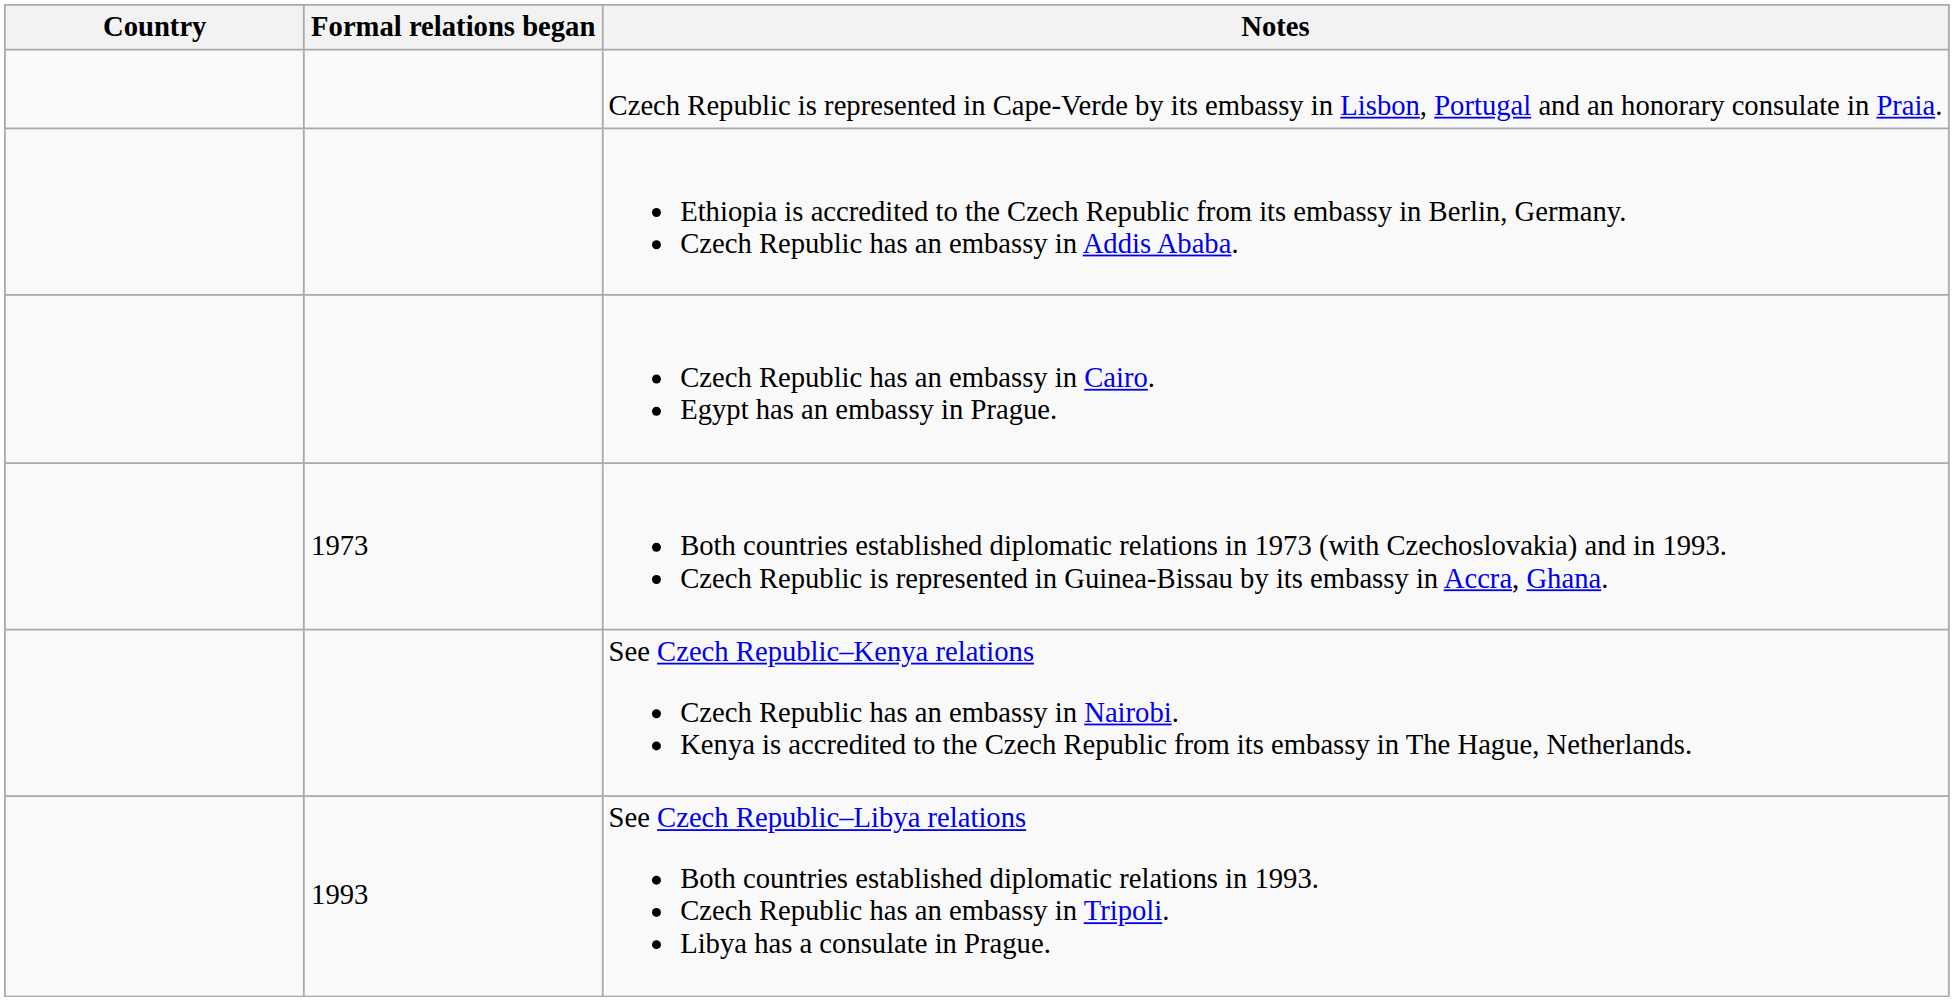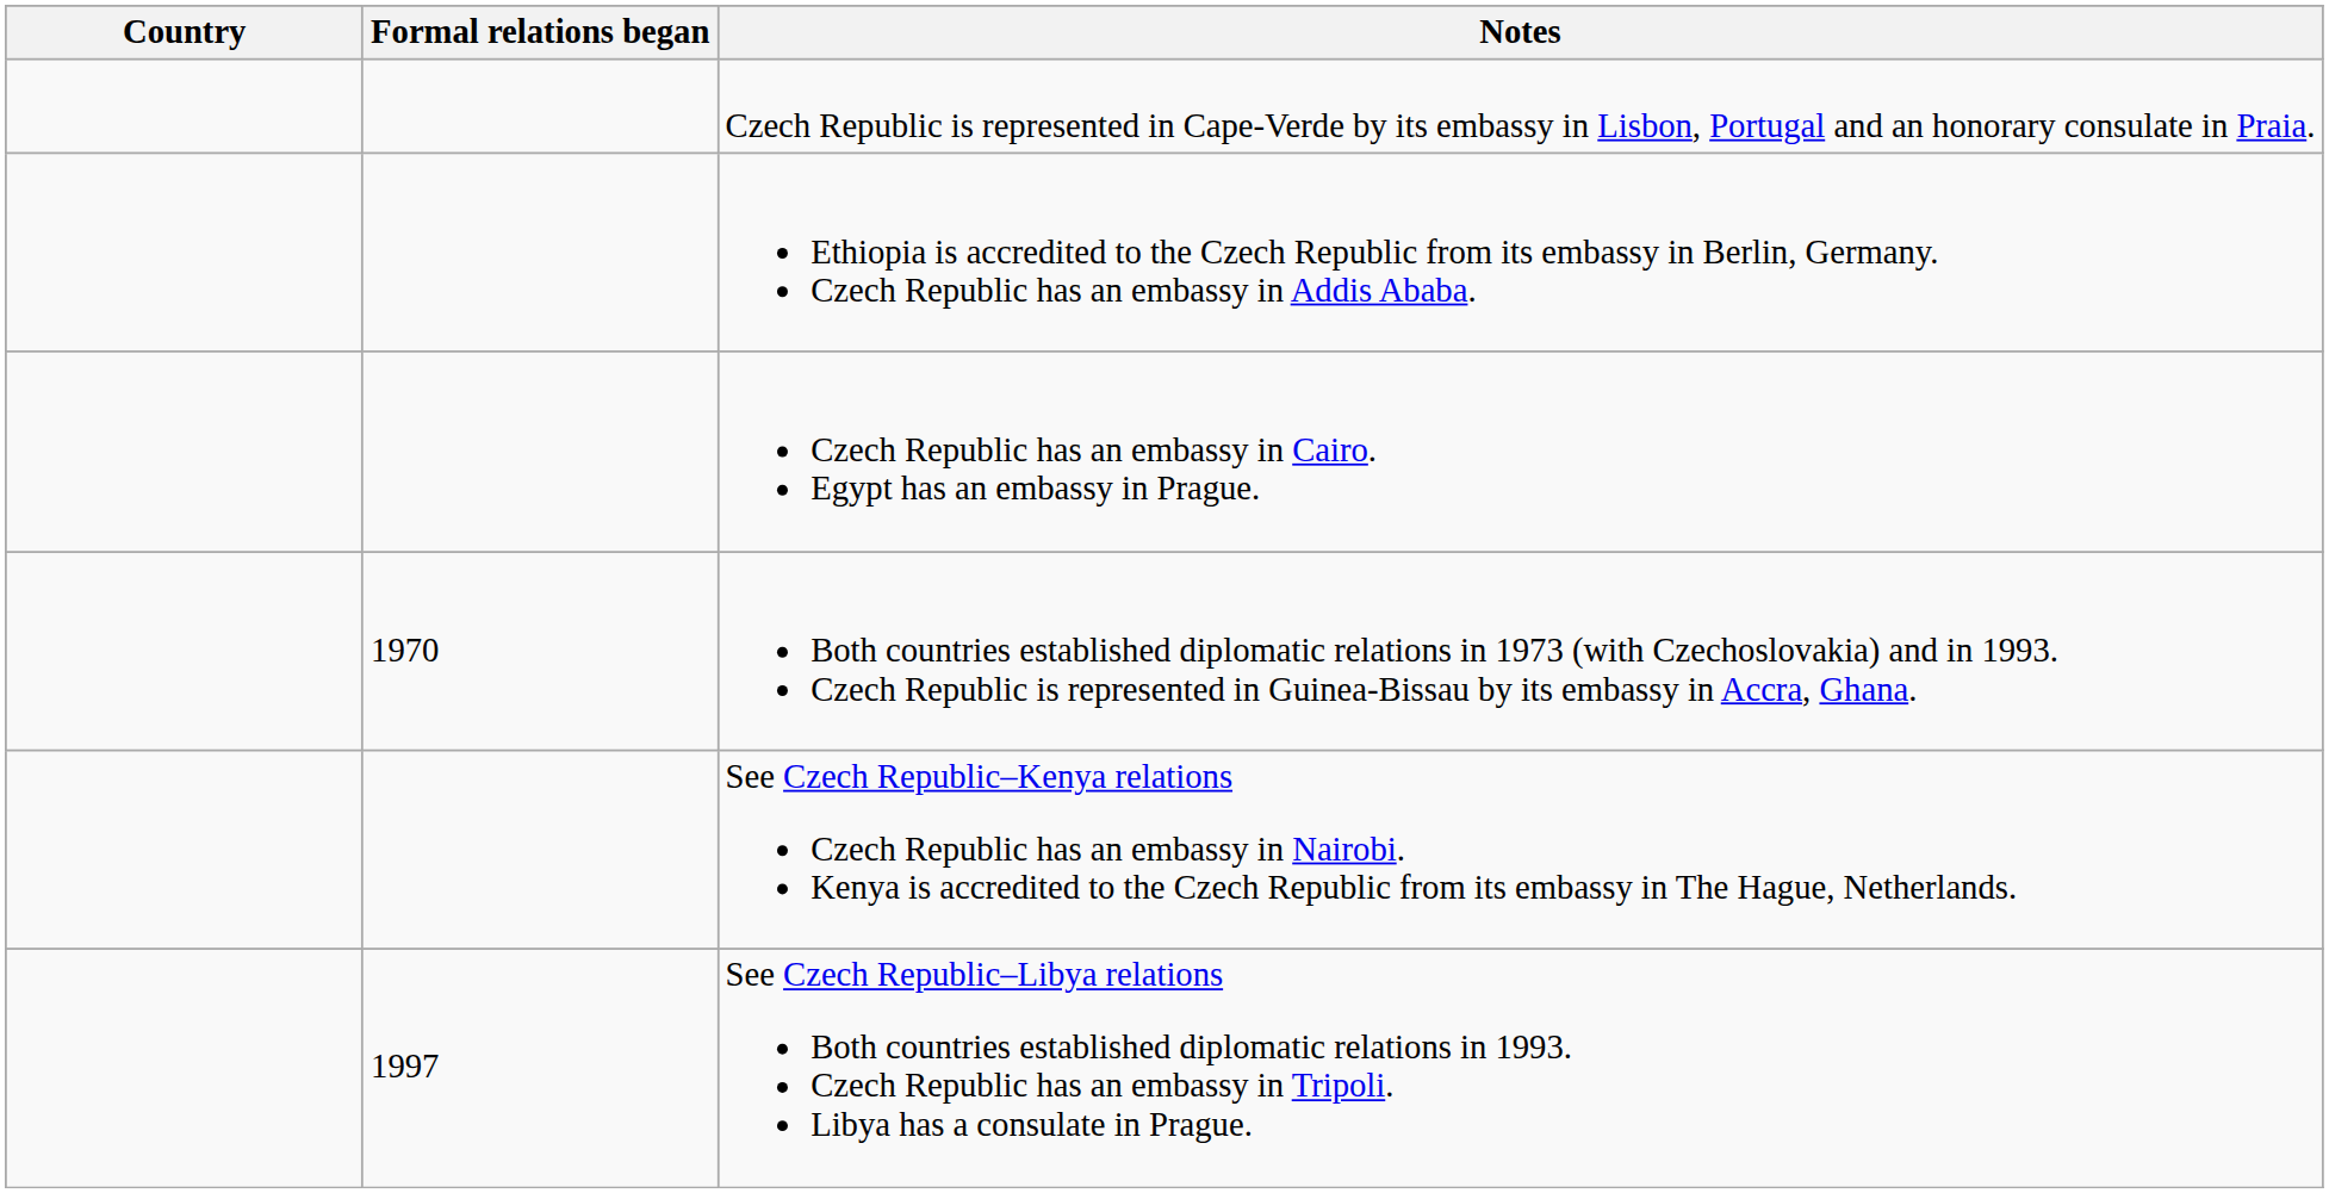 <table class="wikitable sortable">
 <tr>
 <th style="width: 10em">Country</th>
 <th>Formal relations began</th>
 <th>Notes</th>
 </tr>
 <tr>
 <td></td>
 <td></td>
 <td><br>Czech Republic is represented in Cape-Verde by its embassy in <a href='#'>Lisbon</a>, <a href='#'>Portugal</a> and an honorary consulate in <a href='#'>Praia</a>.</td>
 </tr>
 <tr>
 <td></td>
 <td></td>
 <td><br><ul><li>Ethiopia is accredited to the Czech Republic from its embassy in Berlin, Germany.</li><li>Czech Republic has an embassy in <a href='#'>Addis Ababa</a>.</li></ul></td>
 </tr>
 <tr>
 <td></td>
 <td></td>
 <td><br><ul><li>Czech Republic has an embassy in <a href='#'>Cairo</a>.</li><li>Egypt has an embassy in Prague.</li></ul></td>
 </tr>
 <tr>
 <td></td>
-<td>1973</td>
+<td>1970</td>
 <td><br><ul><li>Both countries established diplomatic relations in 1973 (with Czechoslovakia) and in 1993.</li><li>Czech Republic is represented in Guinea-Bissau by its embassy in <a href='#'>Accra</a>, <a href='#'>Ghana</a>.</li></ul></td>
 </tr>
 <tr>
 <td></td>
 <td></td>
 <td>See <a href='#'>Czech Republic–Kenya relations</a><br><ul><li>Czech Republic has an embassy in <a href='#'>Nairobi</a>.</li><li>Kenya is accredited to the Czech Republic from its embassy in The Hague, Netherlands.</li></ul></td>
 </tr>
 <tr>
 <td></td>
-<td>1993</td>
+<td>1997</td>
 <td>See <a href='#'>Czech Republic–Libya relations</a><br><ul><li>Both countries established diplomatic relations in 1993. </li><li>Czech Republic has an embassy in <a href='#'>Tripoli</a>.</li><li>Libya has a consulate in Prague.</li></ul></td>
 </tr>
 </table>
